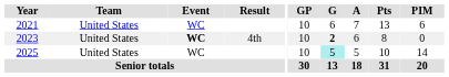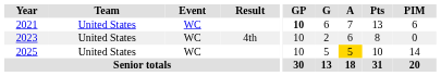 <table border="0" cellpadding="1" cellspacing="0" ID="Table3" style="text-align:center; width:40em;">
 <tr bgcolor="#e0e0e0">
 <th>Year</th>
 <th>Team</th>
 <th>Event</th>
 <th>Result</th>
 <th rowspan="99" bgcolor="#ffffff"></th>
 <th>GP</th>
 <th>G</th>
 <th>A</th>
 <th>Pts</th>
 <th>PIM</th>
 </tr>
 <tr>
 <td><a href='#'>2021</a></td>
 <td><a href='#'>United States</a></td>
 <td><a href='#'>WC</a></td>
 <td></td>
-<td>10</td>
+<td><strong>10</strong></td>
 <td>6</td>
 <td>7</td>
 <td>13</td>
 <td>6</td>
 </tr>
 <tr bgcolor="#f0f0f0">
 <td><a href='#'>2023</a></td>
 <td>United States</td>
-<td><strong>WC</strong></td>
+<td>WC</td>
 <td>4th</td>
 <td>10</td>
-<td><strong>2</strong></td>
+<td>2</td>
 <td>6</td>
 <td>8</td>
 <td>0</td>
 </tr>
 <tr>
 <td><a href='#'>2025</a></td>
 <td>United States</td>
 <td>WC</td>
 <td></td>
 <td>10</td>
-<td style="background: paleturquoise;">5</td>
 <td>5</td>
+<td style="background: gold;">5</td>
 <td>10</td>
 <td>14</td>
 </tr>
 <tr bgcolor="#e0e0e0">
 <th colspan="4">Senior totals</th>
 <th>30</th>
 <th>13</th>
 <th>18</th>
 <th>31</th>
 <th>20</th>
 </tr>
 </table>
